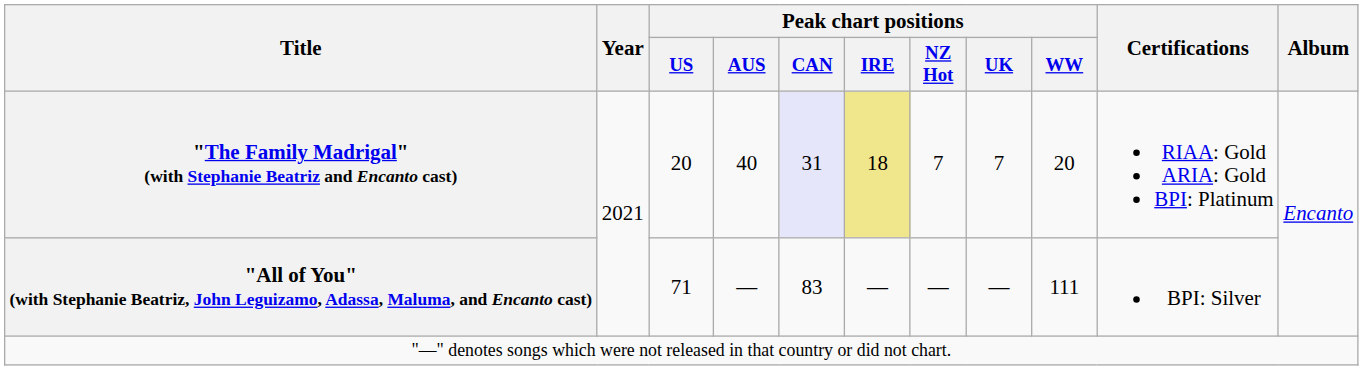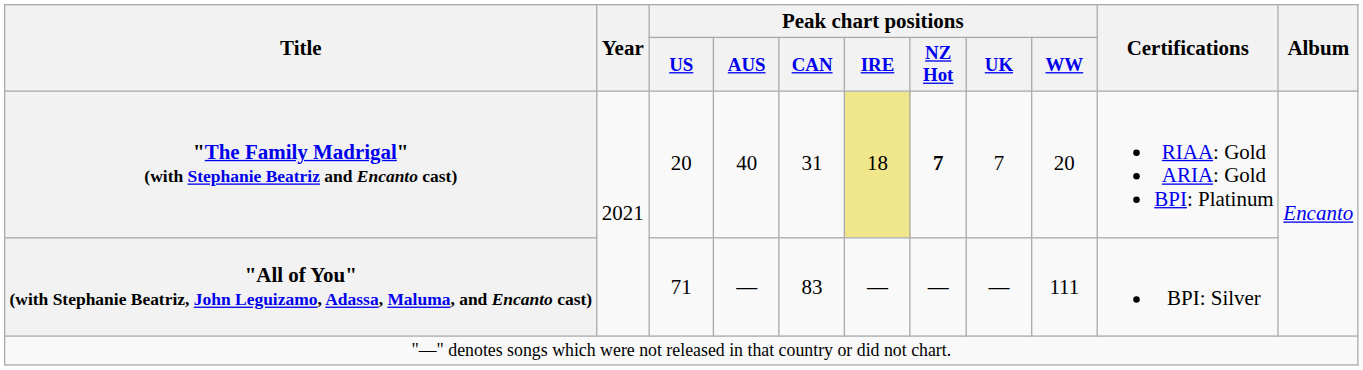 <table class="wikitable plainrowheaders" style="text-align:center;">
 <tr>
 <th scope="col" rowspan="2">Title</th>
 <th scope="col" rowspan="2">Year</th>
 <th scope="col" colspan="7">Peak chart positions</th>
 <th scope="col" rowspan="2">Certifications</th>
 <th scope="col" rowspan="2">Album</th>
 </tr>
 <tr>
 <th scope="col" style="width:3em;font-size:90%;"><a href='#'>US</a><br></th>
 <th scope="col" style="width:3em;font-size:90%;"><a href='#'>AUS</a><br></th>
 <th scope="col" style="width:3em;font-size:90%;"><a href='#'>CAN</a><br></th>
 <th scope="col" style="width:3em;font-size:90%;"><a href='#'>IRE</a><br></th>
 <th scope="col" style="width:2.5em;font-size:90%;"><a href='#'>NZ<br>Hot</a><br></th>
 <th scope="col" style="width:3em;font-size:90%;"><a href='#'>UK</a><br></th>
 <th scope="col" style="width:3em;font-size:90%;"><a href='#'>WW</a><br></th>
 </tr>
 <tr>
 <th scope="row">"<a href='#'>The Family Madrigal</a>"<br><small>(with <a href='#'>Stephanie Beatriz</a> and <em>Encanto</em> cast)</small></th>
 <td rowspan="2">2021</td>
 <td>20</td>
 <td>40</td>
-<td style="background: lavender;">31</td>
+<td>31</td>
 <td style="background: khaki;">18</td>
-<td>7</td>
+<td><strong>7</strong></td>
 <td>7</td>
 <td>20</td>
 <td><br><ul><li><a href='#'>RIAA</a>: Gold</li><li><a href='#'>ARIA</a>: Gold</li><li><a href='#'>BPI</a>: Platinum</li></ul></td>
 <td rowspan="2"><em><a href='#'>Encanto</a></em></td>
 </tr>
 <tr>
 <th scope="row">"All of You"<br><small>(with Stephanie Beatriz, <a href='#'>John Leguizamo</a>, <a href='#'>Adassa</a>, <a href='#'>Maluma</a>, and <em>Encanto</em> cast)</small></th>
 <td>71</td>
 <td>—</td>
 <td>83</td>
 <td>—</td>
 <td>—</td>
 <td>—</td>
 <td>111</td>
 <td><br><ul><li>BPI: Silver</li></ul></td>
 </tr>
 <tr>
 <td colspan="12" style="font-size:85%;">"—" denotes songs which were not released in that country or did not chart.</td>
 </tr>
 </table>
